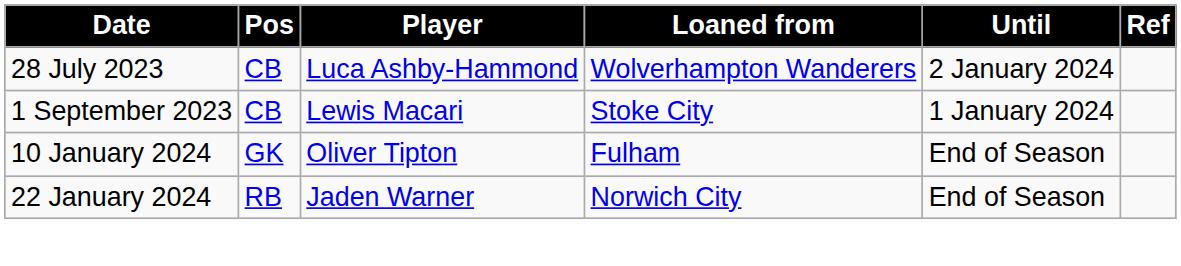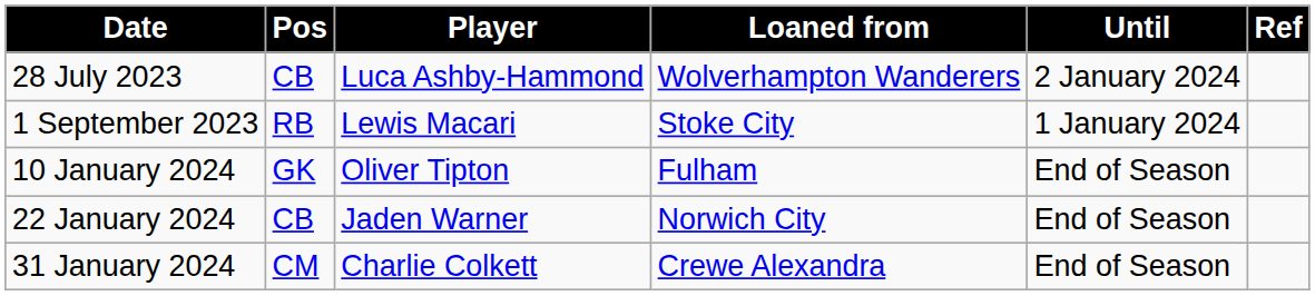 <table class="wikitable plainrowheaders sortable">
 <tr>
 <th style="background:black; color:white; ">Date</th>
 <th style="background:black; color:white; ">Pos</th>
 <th style="background:black; color:white; ">Player</th>
 <th style="background:black; color:white; ">Loaned from</th>
 <th style="background:black; color:white; ">Until</th>
 <th style="background:black; color:white; ">Ref</th>
 </tr>
 <tr>
 <td>28 July 2023</td>
 <td><a href='#'>CB</a></td>
 <td> <a href='#'>Luca Ashby-Hammond</a></td>
 <td> <a href='#'>Wolverhampton Wanderers</a></td>
 <td>2 January 2024</td>
 <td></td>
 </tr>
 <tr>
 <td>1 September 2023</td>
-<td><a href='#'>CB</a></td>
+<td><a href='#'>RB</a></td>
 <td> <a href='#'>Lewis Macari</a></td>
 <td> <a href='#'>Stoke City</a></td>
 <td>1 January 2024</td>
 <td></td>
 </tr>
 <tr>
 <td>10 January 2024</td>
 <td><a href='#'>GK</a></td>
 <td> <a href='#'>Oliver Tipton</a></td>
 <td> <a href='#'>Fulham</a></td>
 <td>End of Season</td>
 <td></td>
 </tr>
 <tr>
 <td>22 January 2024</td>
-<td><a href='#'>RB</a></td>
+<td><a href='#'>CB</a></td>
 <td> <a href='#'>Jaden Warner</a></td>
 <td> <a href='#'>Norwich City</a></td>
 <td>End of Season</td>
 <td></td>
 </tr>
+<tr>
+<td>31 January 2024</td>
+<td><a href='#'>CM</a></td>
+<td> <a href='#'>Charlie Colkett</a></td>
+<td> <a href='#'>Crewe Alexandra</a></td>
+<td>End of Season</td>
+<td></td>
+</tr>
 </table>
